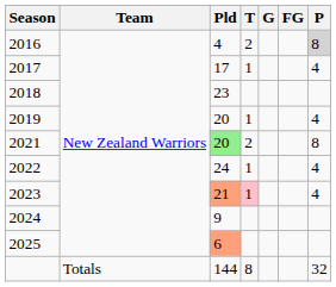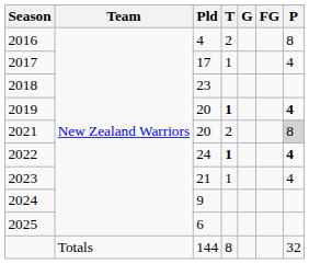 <table class="wikitable">
 <tr>
 <th>Season</th>
 <th>Team</th>
 <th>Pld</th>
 <th>T</th>
 <th>G</th>
 <th>FG</th>
 <th>P</th>
 </tr>
 <tr>
 <td>2016</td>
 <td rowspan="9"> <a href='#'>New Zealand Warriors</a></td>
 <td>4</td>
 <td>2</td>
 <td></td>
 <td></td>
-<td style="background: lightgrey;">8</td>
+<td>8</td>
 </tr>
 <tr>
 <td>2017</td>
 <td>17</td>
 <td>1</td>
 <td></td>
 <td></td>
 <td>4</td>
 </tr>
 <tr>
 <td>2018</td>
 <td>23</td>
 <td></td>
 <td></td>
 <td></td>
 <td></td>
 </tr>
 <tr>
 <td>2019</td>
 <td>20</td>
-<td>1</td>
+<td><strong>1</strong></td>
 <td></td>
 <td></td>
-<td>4</td>
+<td><strong>4</strong></td>
 </tr>
 <tr>
 <td>2021</td>
-<td style="background: lightgreen;">20</td>
+<td>20</td>
 <td>2</td>
 <td></td>
 <td></td>
-<td>8</td>
+<td style="background: lightgrey;">8</td>
 </tr>
 <tr>
 <td>2022</td>
 <td>24</td>
-<td>1</td>
+<td><strong>1</strong></td>
 <td></td>
 <td></td>
-<td>4</td>
+<td><strong>4</strong></td>
 </tr>
 <tr>
 <td>2023</td>
-<td style="background: lightsalmon;">21</td>
-<td style="background: pink;">1</td>
+<td>21</td>
+<td>1</td>
 <td></td>
 <td></td>
 <td>4</td>
 </tr>
 <tr>
 <td>2024</td>
 <td>9</td>
 <td></td>
 <td></td>
 <td></td>
 <td></td>
 </tr>
 <tr>
 <td>2025</td>
-<td style="background: lightsalmon;">6</td>
+<td>6</td>
 <td></td>
 <td></td>
 <td></td>
 <td></td>
 </tr>
 <tr>
 <td></td>
 <td>Totals</td>
 <td>144</td>
 <td>8</td>
 <td></td>
 <td></td>
 <td>32</td>
 </tr>
 </table>
